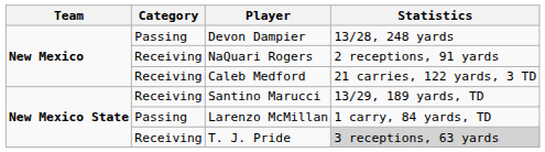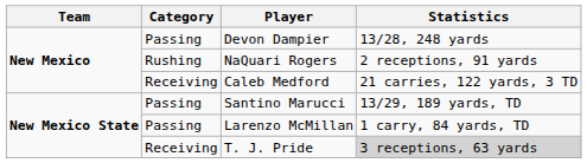 <table class="wikitable" style="float: right;">
 <tr>
 <th>Team</th>
 <th>Category</th>
 <th>Player</th>
 <th>Statistics</th>
 </tr>
 <tr>
 <td rowspan=3><strong>New Mexico</strong></td>
 <td>Passing</td>
 <td>Devon Dampier</td>
 <td>13/28, 248 yards</td>
 </tr>
 <tr>
-<td>Receiving</td>
+<td>Rushing</td>
 <td>NaQuari Rogers</td>
 <td>2 receptions, 91 yards</td>
 </tr>
 <tr>
 <td>Receiving</td>
 <td>Caleb Medford</td>
 <td>21 carries, 122 yards, 3 TD</td>
 </tr>
 <tr>
 <td rowspan=3><strong>New Mexico State</strong></td>
-<td>Receiving</td>
+<td>Passing</td>
 <td>Santino Marucci</td>
 <td>13/29, 189 yards, TD</td>
 </tr>
 <tr>
 <td>Passing</td>
 <td>Larenzo McMillan</td>
 <td>1 carry, 84 yards, TD</td>
 </tr>
 <tr>
 <td>Receiving</td>
 <td>T. J. Pride</td>
 <td style="background: lightgrey;">3 receptions, 63 yards</td>
 </tr>
 </table>
